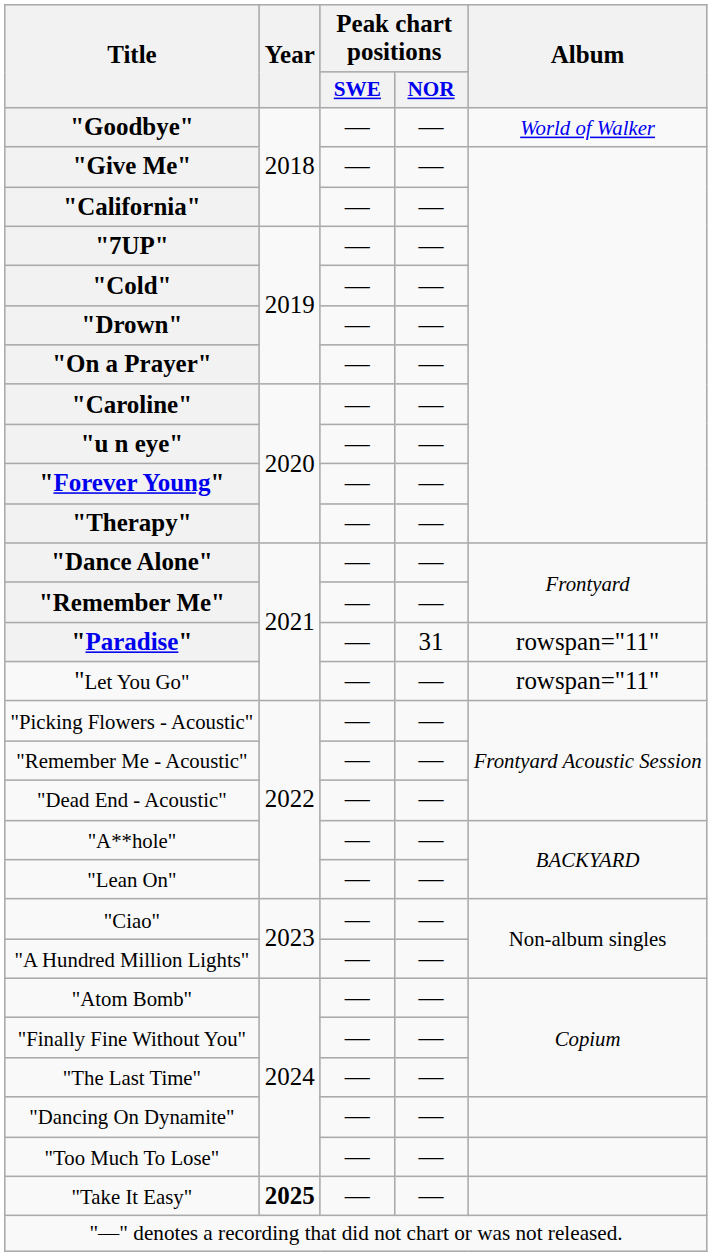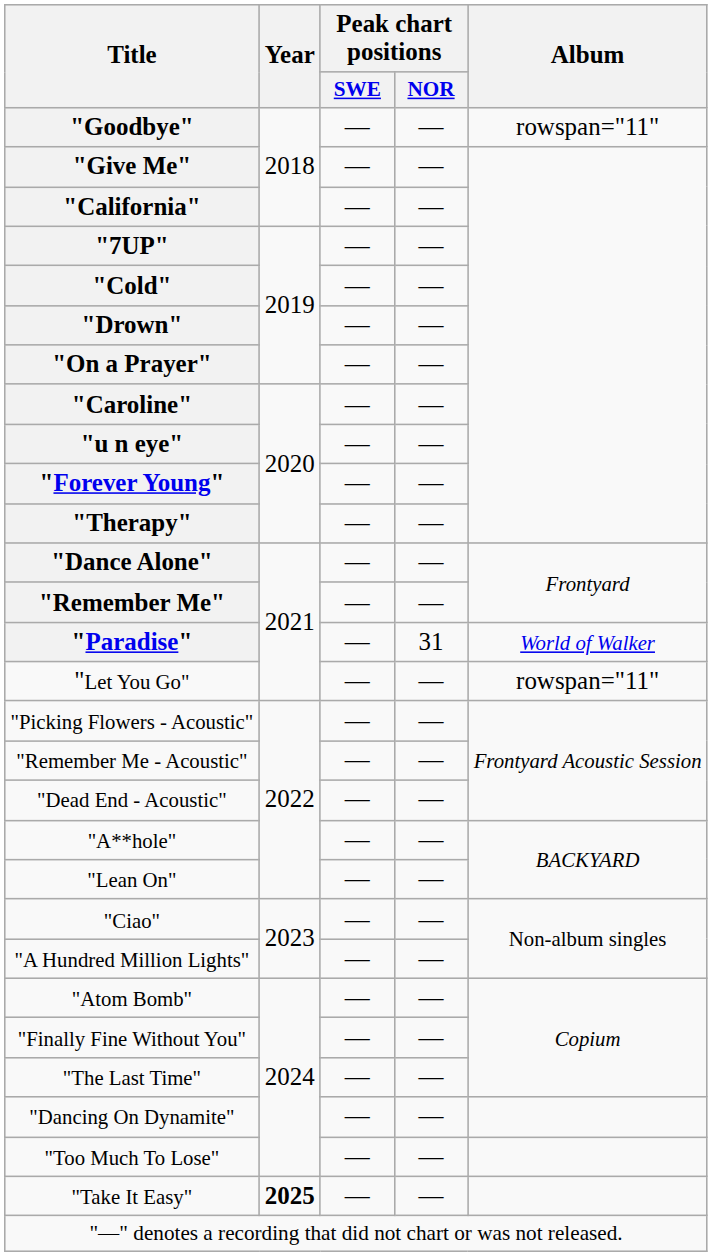 <table class="wikitable plainrowheaders" style="text-align:center">
 <tr>
 <th scope="col" rowspan="2">Title</th>
 <th scope="col" rowspan="2">Year</th>
 <th scope="col" colspan="2">Peak chart positions</th>
 <th scope="col" rowspan="2">Album</th>
 </tr>
 <tr>
 <th scope="col" style="width:3em;font-size:85%;"><a href='#'>SWE</a><br></th>
 <th scope="col" style="width:3em;font-size:85%;"><a href='#'>NOR</a><br></th>
 </tr>
 <tr>
 <th scope="row">"Goodbye"</th>
 <td rowspan="3">2018</td>
 <td>—</td>
 <td>—</td>
-<td><em><small><a href='#'>World of Walker</a></small></em></td>
+<td>rowspan="11" </td>
 </tr>
 <tr>
 <th scope="row">"Give Me"</th>
 <td>—</td>
 <td>—</td>
 </tr>
 <tr>
 <th scope="row">"California"</th>
 <td>—</td>
 <td>—</td>
 </tr>
 <tr>
 <th scope="row">"7UP"</th>
 <td rowspan="4">2019</td>
 <td>—</td>
 <td>—</td>
 </tr>
 <tr>
 <th scope="row">"Cold"<br></th>
 <td>—</td>
 <td>—</td>
 </tr>
 <tr>
 <th scope="row">"Drown"</th>
 <td>—</td>
 <td>—</td>
 </tr>
 <tr>
 <th scope="row">"On a Prayer"<br></th>
 <td>—</td>
 <td>—</td>
 </tr>
 <tr>
 <th scope="row">"Caroline"</th>
 <td rowspan="4">2020</td>
 <td>—</td>
 <td>—</td>
 </tr>
 <tr>
 <th scope="row">"u n eye"</th>
 <td>—</td>
 <td>—</td>
 </tr>
 <tr>
 <th scope="row">"<a href='#'>Forever Young</a>"</th>
 <td>—</td>
 <td>—</td>
 </tr>
 <tr>
 <th scope="row">"Therapy"<br></th>
 <td>—</td>
 <td>—</td>
 </tr>
 <tr>
 <th scope="row">"Dance Alone"</th>
 <td rowspan="4">2021</td>
 <td>—</td>
 <td>—</td>
 <td rowspan="2"><em><small>Frontyard</small></em></td>
 </tr>
 <tr>
 <th scope="row">"Remember Me"</th>
 <td>—</td>
 <td>—</td>
 </tr>
 <tr>
 <th scope="row">"<a href='#'>Paradise</a>" <br></th>
 <td>—</td>
 <td>31 </td>
-<td>rowspan="11" </td>
+<td><em><small><a href='#'>World of Walker</a></small></em></td>
 </tr>
 <tr>
 <td>"<small>Let You Go"</small></td>
 <td>—</td>
 <td>—</td>
 <td>rowspan="11" </td>
 </tr>
 <tr>
 <td><small>"Picking Flowers - Acoustic"</small></td>
 <td rowspan="5">2022</td>
 <td>—</td>
 <td>—</td>
 <td rowspan="3"><small><em>Frontyard Acoustic Session</em></small></td>
 </tr>
 <tr>
 <td><small>"Remember Me - Acoustic"</small></td>
 <td>—</td>
 <td>—</td>
 </tr>
 <tr>
 <td><small>"Dead End - Acoustic"</small></td>
 <td>—</td>
 <td>—</td>
 </tr>
 <tr>
 <td><small>"A**hole"</small></td>
 <td>—</td>
 <td>—</td>
 <td rowspan="2"><small><em>BACKYARD</em></small></td>
 </tr>
 <tr>
 <td><small>"Lean On"</small></td>
 <td>—</td>
 <td>—</td>
 </tr>
 <tr>
 <td><small>"Ciao"</small></td>
 <td rowspan="2">2023</td>
 <td>—</td>
 <td>—</td>
 <td rowspan="2"><small>Non-album singles</small></td>
 </tr>
 <tr>
 <td><small>"A Hundred Million Lights"</small></td>
 <td>—</td>
 <td>—</td>
 </tr>
 <tr>
 <td><small>"Atom Bomb"</small></td>
 <td rowspan="5">2024</td>
 <td>—</td>
 <td>—</td>
 <td rowspan="3"><small><em>Copium</em></small></td>
 </tr>
 <tr>
 <td><small>"Finally Fine Without You"</small></td>
 <td>—</td>
 <td>—</td>
 </tr>
 <tr>
 <td><small>"The Last Time"</small></td>
 <td>—</td>
 <td>—</td>
 </tr>
 <tr>
 <td><small>"Dancing On Dynamite"</small></td>
 <td>—</td>
 <td>—</td>
 <td></td>
 </tr>
 <tr>
 <td><small>"Too Much To Lose"</small></td>
 <td>—</td>
 <td>—</td>
 <td></td>
 </tr>
 <tr>
 <td><small>"Take It Easy"</small></td>
 <td><strong>2025</strong></td>
 <td>—</td>
 <td>—</td>
 <td></td>
 </tr>
 <tr>
 <td colspan="5" style="font-size:85%">"—" denotes a recording that did not chart or was not released.</td>
 </tr>
 </table>
